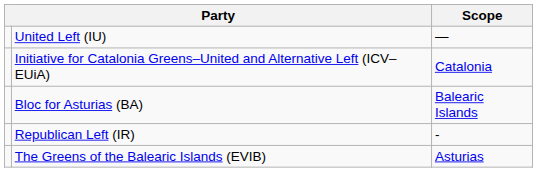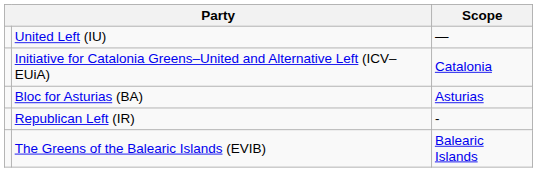 <table class="wikitable" style="text-align:left; font-size:97%;">
 <tr>
 <th colspan="2">Party</th>
 <th>Scope</th>
 </tr>
 <tr>
 <td width="1"></td>
 <td><a href='#'>United Left</a> (IU)</td>
 <td>—</td>
 </tr>
 <tr>
 <td></td>
 <td><a href='#'>Initiative for Catalonia Greens–United and Alternative Left</a> (ICV–EUiA)</td>
 <td><a href='#'>Catalonia</a></td>
 </tr>
 <tr>
 <td></td>
 <td><a href='#'>Bloc for Asturias</a> (BA)</td>
-<td><a href='#'>Balearic Islands</a></td>
+<td><a href='#'>Asturias</a></td>
 </tr>
 <tr>
 <td></td>
 <td><a href='#'>Republican Left</a> (IR)</td>
 <td>-</td>
 </tr>
 <tr>
 <td></td>
 <td><a href='#'>The Greens of the Balearic Islands</a> (EVIB)</td>
-<td><a href='#'>Asturias</a></td>
+<td><a href='#'>Balearic Islands</a></td>
 </tr>
 </table>
